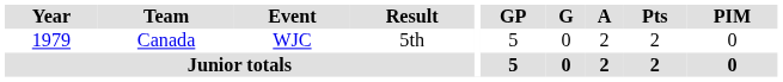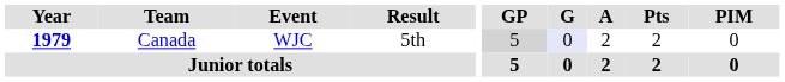 <table border="0" cellpadding="1" cellspacing="0" ID="Table3" style="text-align:center; width:40em">
 <tr ALIGN="center" bgcolor="#e0e0e0">
 <th>Year</th>
 <th>Team</th>
 <th>Event</th>
 <th>Result</th>
 <th rowspan="99" bgcolor="#ffffff"></th>
 <th>GP</th>
 <th>G</th>
 <th>A</th>
 <th>Pts</th>
 <th>PIM</th>
 </tr>
 <tr>
-<td><a href='#'>1979</a></td>
+<td><strong><a href='#'>1979</a></strong></td>
 <td><a href='#'>Canada</a></td>
 <td><a href='#'>WJC</a></td>
 <td>5th</td>
-<td>5</td>
-<td>0</td>
+<td style="background: lightgrey;">5</td>
+<td style="background: lavender;">0</td>
 <td>2</td>
 <td>2</td>
 <td>0</td>
 </tr>
 <tr bgcolor="#e0e0e0">
 <th colspan="4">Junior totals</th>
 <th>5</th>
 <th>0</th>
 <th>2</th>
 <th>2</th>
 <th>0</th>
 </tr>
 </table>
